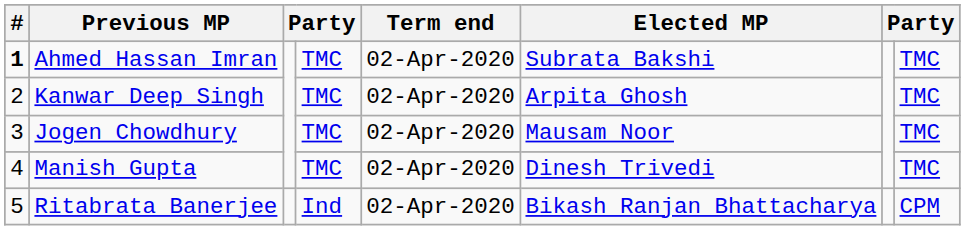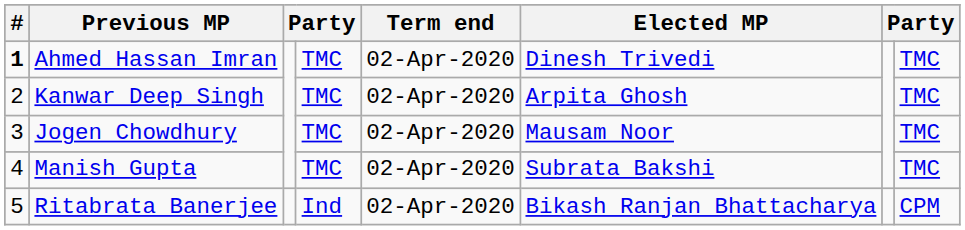 <table class="wikitable sortable">
 <tr>
 <th>#</th>
 <th>Previous MP</th>
 <th colspan="2">Party</th>
 <th>Term end</th>
 <th>Elected MP</th>
 <th colspan="2">Party</th>
 </tr>
 <tr>
 <td><strong>1</strong></td>
 <td><a href='#'>Ahmed Hassan Imran</a></td>
 <td rowspan=4></td>
 <td><a href='#'>TMC</a></td>
 <td>02-Apr-2020</td>
-<td><a href='#'>Subrata Bakshi</a></td>
+<td><a href='#'>Dinesh Trivedi</a></td>
 <td rowspan=4></td>
 <td><a href='#'>TMC</a></td>
 </tr>
 <tr>
 <td>2</td>
 <td><a href='#'>Kanwar Deep Singh</a></td>
 <td><a href='#'>TMC</a></td>
 <td>02-Apr-2020</td>
 <td><a href='#'>Arpita Ghosh</a></td>
 <td><a href='#'>TMC</a></td>
 </tr>
 <tr>
 <td>3</td>
 <td><a href='#'>Jogen Chowdhury</a></td>
 <td><a href='#'>TMC</a></td>
 <td>02-Apr-2020</td>
 <td><a href='#'>Mausam Noor</a></td>
 <td><a href='#'>TMC</a></td>
 </tr>
 <tr>
 <td>4</td>
 <td><a href='#'>Manish Gupta</a></td>
 <td><a href='#'>TMC</a></td>
 <td>02-Apr-2020</td>
-<td><a href='#'>Dinesh Trivedi</a></td>
+<td><a href='#'>Subrata Bakshi</a></td>
 <td><a href='#'>TMC</a></td>
 </tr>
 <tr>
 <td>5</td>
 <td><a href='#'>Ritabrata Banerjee</a></td>
 <td></td>
 <td><a href='#'>Ind</a></td>
 <td>02-Apr-2020</td>
 <td><a href='#'>Bikash Ranjan Bhattacharya</a></td>
 <td width="1px"></td>
 <td><a href='#'>CPM</a></td>
 </tr>
 </table>
